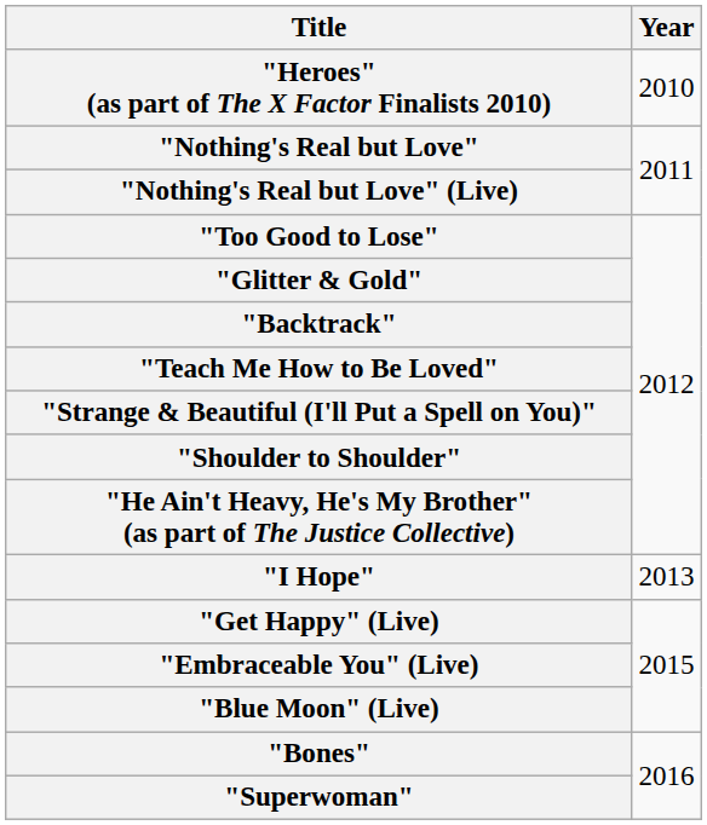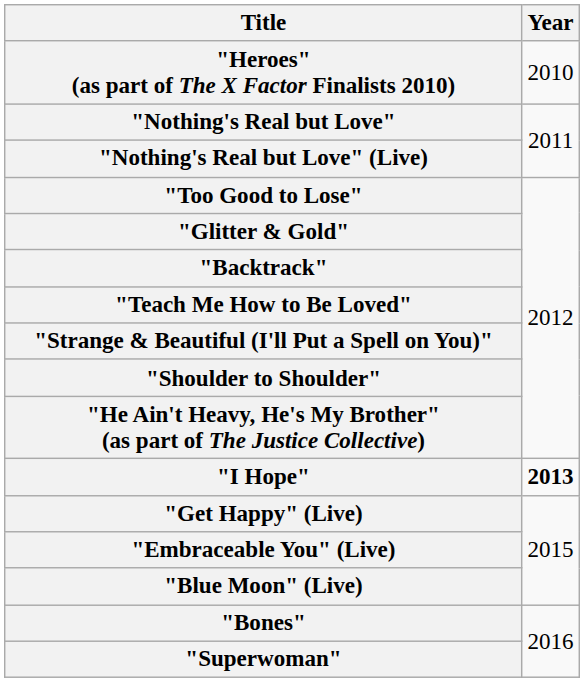 <table class="wikitable plainrowheaders" style="text-align:center;">
 <tr>
 <th scope="col" style="width:22em;">Title</th>
 <th scope="col" style="width:1em;">Year</th>
 </tr>
 <tr>
 <th scope="row">"Heroes"<br><span>(as part of <em>The X Factor</em> Finalists 2010)</span></th>
 <td>2010</td>
 </tr>
 <tr>
 <th scope="row">"Nothing's Real but Love"</th>
 <td rowspan="2">2011</td>
 </tr>
 <tr>
 <th scope="row">"Nothing's Real but Love" (Live)</th>
 </tr>
 <tr>
 <th scope="row">"Too Good to Lose"</th>
 <td rowspan="7">2012</td>
 </tr>
 <tr>
 <th scope="row">"Glitter & Gold"</th>
 </tr>
 <tr>
 <th scope="row">"Backtrack"</th>
 </tr>
 <tr>
 <th scope="row">"Teach Me How to Be Loved"</th>
 </tr>
 <tr>
 <th scope="row">"Strange & Beautiful (I'll Put a Spell on You)"</th>
 </tr>
 <tr>
 <th scope="row">"Shoulder to Shoulder"</th>
 </tr>
 <tr>
 <th scope="row">"He Ain't Heavy, He's My Brother"<br><span>(as part of <em>The Justice Collective</em>)</span></th>
 </tr>
 <tr>
 <th scope="row">"I Hope"</th>
-<td>2013</td>
+<td><strong>2013</strong></td>
 </tr>
 <tr>
 <th scope="row">"Get Happy" (Live)</th>
 <td rowspan="3">2015</td>
 </tr>
 <tr>
 <th scope="row">"Embraceable You" (Live)</th>
 </tr>
 <tr>
 <th scope="row">"Blue Moon" (Live)</th>
 </tr>
 <tr>
 <th scope="row">"Bones"</th>
 <td rowspan="2">2016</td>
 </tr>
 <tr>
 <th scope="row">"Superwoman"</th>
 </tr>
 </table>
